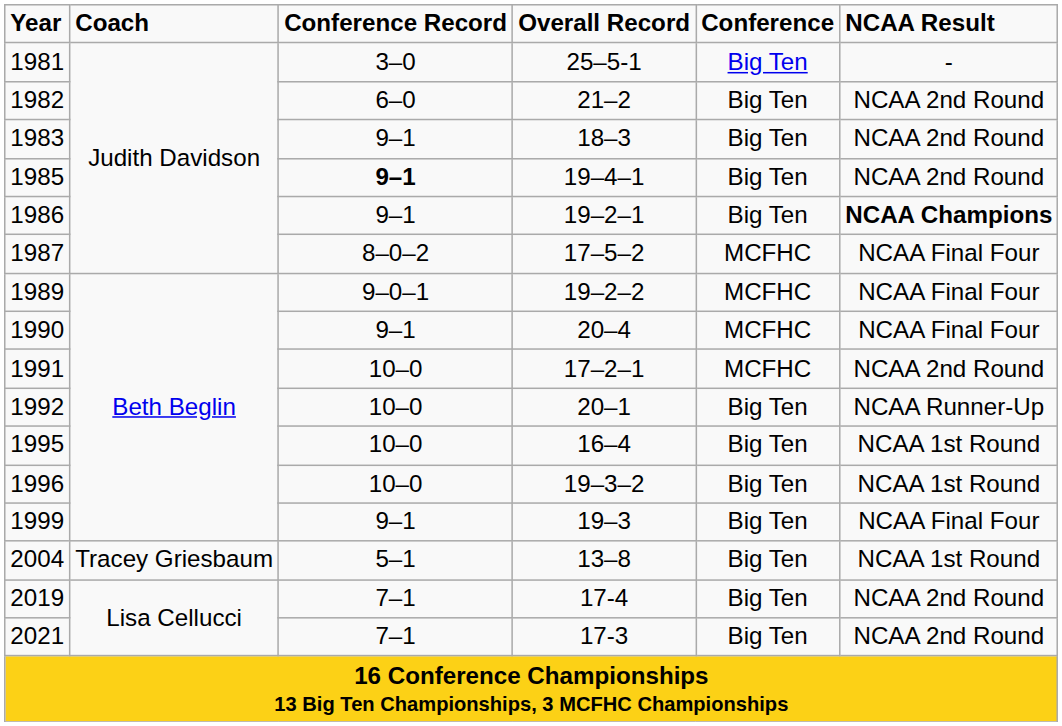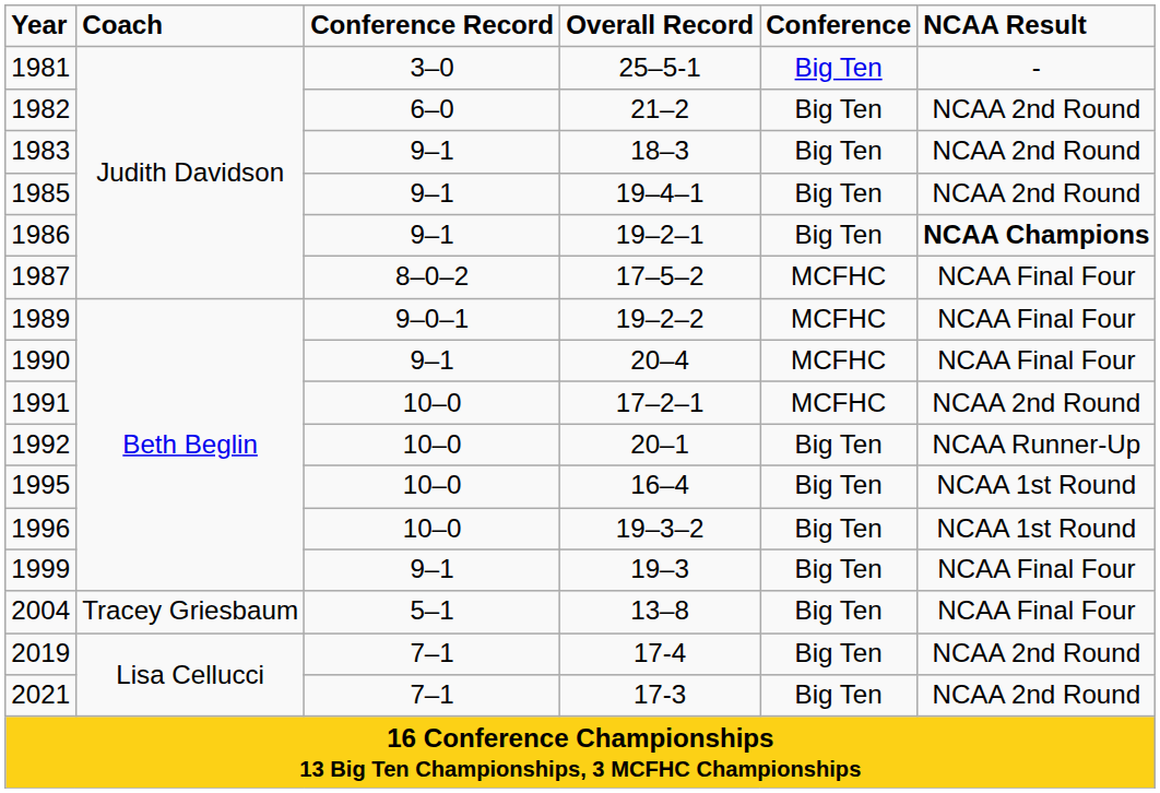 <table class="wikitable">
 <tr>
 <td><strong>Year</strong></td>
 <td><strong>Coach</strong></td>
 <td><strong>Conference Record</strong></td>
 <td><strong>Overall Record</strong></td>
 <td><strong>Conference</strong></td>
 <td><strong>NCAA Result</strong></td>
 </tr>
 <tr style="text-align:center;">
 <td>1981</td>
 <td rowspan="6">Judith Davidson</td>
 <td>3–0</td>
 <td>25–5-1</td>
 <td><a href='#'>Big Ten</a></td>
 <td>-</td>
 </tr>
 <tr style="text-align:center;">
 <td>1982</td>
 <td>6–0</td>
 <td>21–2</td>
 <td>Big Ten</td>
 <td>NCAA 2nd Round</td>
 </tr>
 <tr style="text-align:center;">
 <td>1983</td>
 <td>9–1</td>
 <td>18–3</td>
 <td>Big Ten</td>
 <td>NCAA 2nd Round</td>
 </tr>
 <tr style="text-align:center;">
 <td>1985</td>
-<td><strong>9–1</strong></td>
+<td>9–1</td>
 <td>19–4–1</td>
 <td>Big Ten</td>
 <td>NCAA 2nd Round</td>
 </tr>
 <tr style="text-align:center;">
 <td>1986</td>
 <td>9–1</td>
 <td>19–2–1</td>
 <td>Big Ten</td>
 <td><strong>NCAA Champions</strong></td>
 </tr>
 <tr style="text-align:center;">
 <td>1987</td>
 <td>8–0–2</td>
 <td>17–5–2</td>
 <td>MCFHC</td>
 <td>NCAA Final Four</td>
 </tr>
 <tr style="text-align:center;">
 <td>1989</td>
 <td rowspan="7"><a href='#'>Beth Beglin</a></td>
 <td>9–0–1</td>
 <td>19–2–2</td>
 <td>MCFHC</td>
 <td>NCAA Final Four</td>
 </tr>
 <tr style="text-align:center;">
 <td>1990</td>
 <td>9–1</td>
 <td>20–4</td>
 <td>MCFHC</td>
 <td>NCAA Final Four</td>
 </tr>
 <tr style="text-align:center;">
 <td>1991</td>
 <td>10–0</td>
 <td>17–2–1</td>
 <td>MCFHC</td>
 <td>NCAA 2nd Round</td>
 </tr>
 <tr style="text-align:center;">
 <td>1992</td>
 <td>10–0</td>
 <td>20–1</td>
 <td>Big Ten</td>
 <td>NCAA Runner-Up</td>
 </tr>
 <tr style="text-align:center;">
 <td>1995</td>
 <td>10–0</td>
 <td>16–4</td>
 <td>Big Ten</td>
 <td>NCAA 1st Round</td>
 </tr>
 <tr style="text-align:center;">
 <td>1996</td>
 <td>10–0</td>
 <td>19–3–2</td>
 <td>Big Ten</td>
 <td>NCAA 1st Round</td>
 </tr>
 <tr style="text-align:center;">
 <td>1999</td>
 <td>9–1</td>
 <td>19–3</td>
 <td>Big Ten</td>
 <td>NCAA Final Four</td>
 </tr>
 <tr style="text-align:center;">
 <td>2004</td>
 <td>Tracey Griesbaum</td>
 <td>5–1</td>
 <td>13–8</td>
 <td>Big Ten</td>
-<td>NCAA 1st Round</td>
+<td>NCAA Final Four</td>
 </tr>
 <tr style="text-align:center;">
 <td>2019</td>
 <td rowspan="2">Lisa Cellucci</td>
 <td>7–1</td>
 <td>17-4</td>
 <td>Big Ten</td>
 <td>NCAA 2nd Round</td>
 </tr>
 <tr style="text-align:center;">
 <td>2021</td>
 <td>7–1</td>
 <td>17-3</td>
 <td>Big Ten</td>
 <td>NCAA 2nd Round</td>
 </tr>
 <tr style="text-align:center;">
 <td colspan="6" style="background:#FCD116;"><span><strong>16 Conference Championships<br> <small>13 Big Ten Championships, 3 MCFHC Championships</small></strong></span></td>
 </tr>
 </table>
